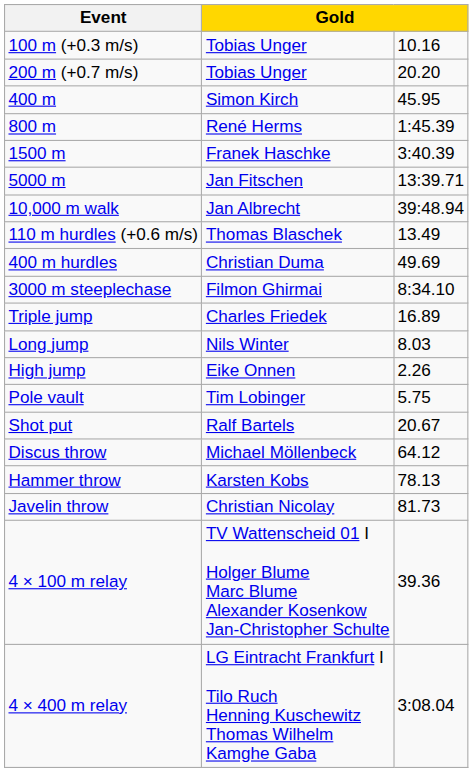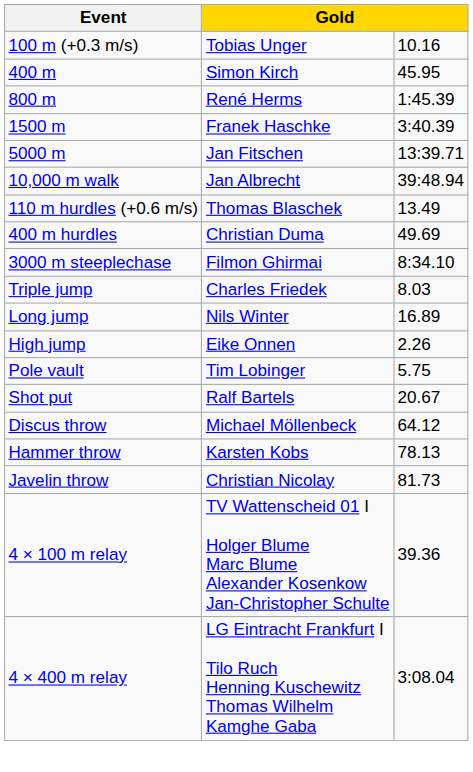 <table class="wikitable">
 <tr>
 <th>Event</th>
 <th style="background:gold;" colspan=2>Gold</th>
 </tr>
 <tr>
 <td><a href='#'>100 m</a> (+0.3 m/s)</td>
 <td><a href='#'>Tobias Unger</a></td>
 <td>10.16 </td>
-</tr>
-<tr>
-<td><a href='#'>200 m</a> (+0.7 m/s)</td>
-<td><a href='#'>Tobias Unger</a></td>
-<td>20.20 </td>
 </tr>
 <tr>
 <td><a href='#'>400 m</a></td>
 <td><a href='#'>Simon Kirch</a></td>
 <td>45.95</td>
 </tr>
 <tr>
 <td><a href='#'>800 m</a></td>
 <td><a href='#'>René Herms</a></td>
 <td>1:45.39</td>
 </tr>
 <tr>
 <td><a href='#'>1500 m</a></td>
 <td><a href='#'>Franek Haschke</a></td>
 <td>3:40.39 </td>
 </tr>
 <tr>
 <td><a href='#'>5000 m</a></td>
 <td><a href='#'>Jan Fitschen</a></td>
 <td>13:39.71</td>
 </tr>
 <tr>
 <td><a href='#'>10,000 m walk</a></td>
 <td><a href='#'>Jan Albrecht</a></td>
 <td>39:48.94 </td>
 </tr>
 <tr>
 <td><a href='#'>110 m hurdles</a> (+0.6 m/s)</td>
 <td><a href='#'>Thomas Blaschek</a></td>
 <td>13.49</td>
 </tr>
 <tr>
 <td><a href='#'>400 m hurdles</a></td>
 <td><a href='#'>Christian Duma</a></td>
 <td>49.69</td>
 </tr>
 <tr>
 <td><a href='#'>3000 m steeplechase</a></td>
 <td><a href='#'>Filmon Ghirmai</a></td>
 <td>8:34.10</td>
 </tr>
 <tr>
 <td><a href='#'>Triple jump</a></td>
 <td><a href='#'>Charles Friedek</a></td>
-<td>16.89</td>
+<td>8.03</td>
 </tr>
 <tr>
 <td><a href='#'>Long jump</a></td>
 <td><a href='#'>Nils Winter</a></td>
-<td>8.03</td>
+<td>16.89</td>
 </tr>
 <tr>
 <td><a href='#'>High jump</a></td>
 <td><a href='#'>Eike Onnen</a></td>
 <td>2.26 </td>
 </tr>
 <tr>
 <td><a href='#'>Pole vault</a></td>
 <td><a href='#'>Tim Lobinger</a></td>
 <td>5.75</td>
 </tr>
 <tr>
 <td><a href='#'>Shot put</a></td>
 <td><a href='#'>Ralf Bartels</a></td>
 <td>20.67</td>
 </tr>
 <tr>
 <td><a href='#'>Discus throw</a></td>
 <td><a href='#'>Michael Möllenbeck</a></td>
 <td>64.12</td>
 </tr>
 <tr>
 <td><a href='#'>Hammer throw</a></td>
 <td><a href='#'>Karsten Kobs</a></td>
 <td>78.13</td>
 </tr>
 <tr>
 <td><a href='#'>Javelin throw</a></td>
 <td><a href='#'>Christian Nicolay</a></td>
 <td>81.73</td>
 </tr>
 <tr>
 <td><a href='#'>4 × 100 m relay</a></td>
 <td><a href='#'>TV Wattenscheid 01</a> I <br><br><a href='#'>Holger Blume</a> <br> <a href='#'>Marc Blume</a> <br> <a href='#'>Alexander Kosenkow</a> <br> <a href='#'>Jan-Christopher Schulte</a></td>
 <td>39.36 </td>
 </tr>
 <tr>
 <td><a href='#'>4 × 400 m relay</a></td>
 <td><a href='#'>LG Eintracht Frankfurt</a> I <br><br><a href='#'>Tilo Ruch</a> <br> <a href='#'>Henning Kuschewitz</a> <br> <a href='#'>Thomas Wilhelm</a> <br> <a href='#'>Kamghe Gaba</a></td>
 <td>3:08.04 </td>
 </tr>
 </table>
